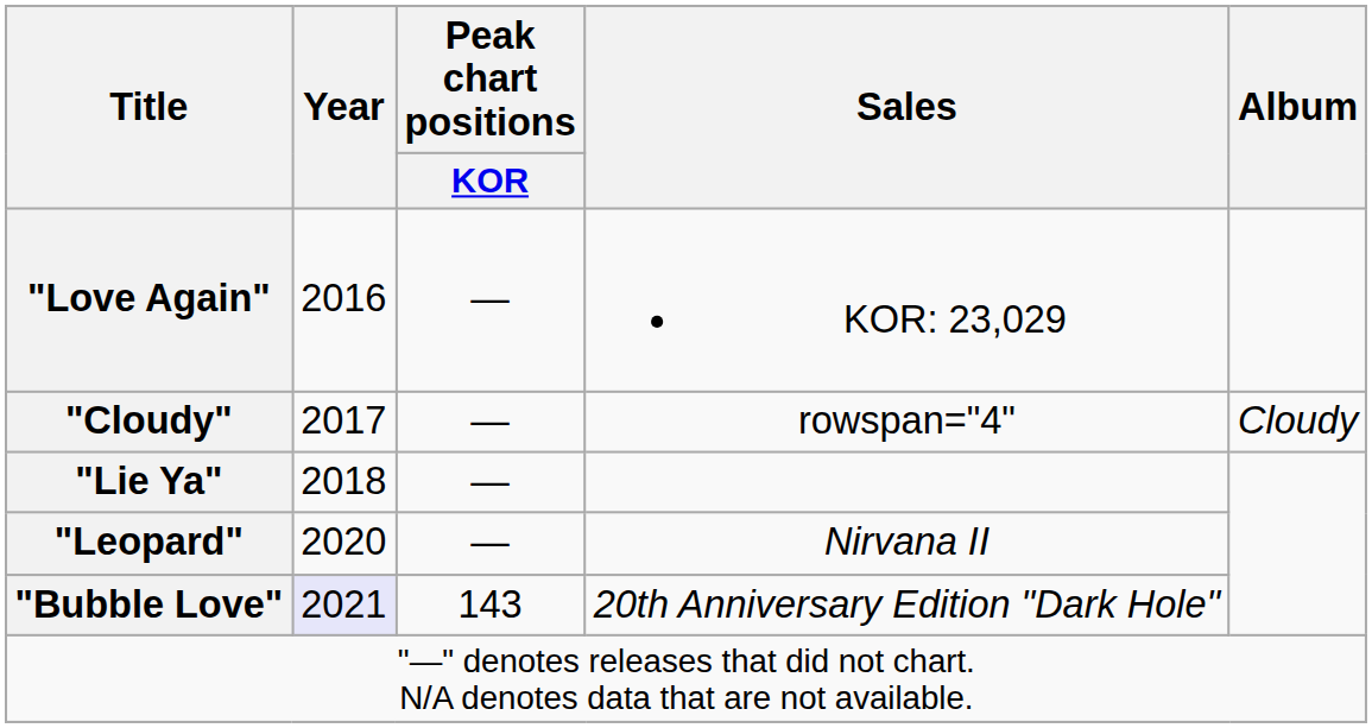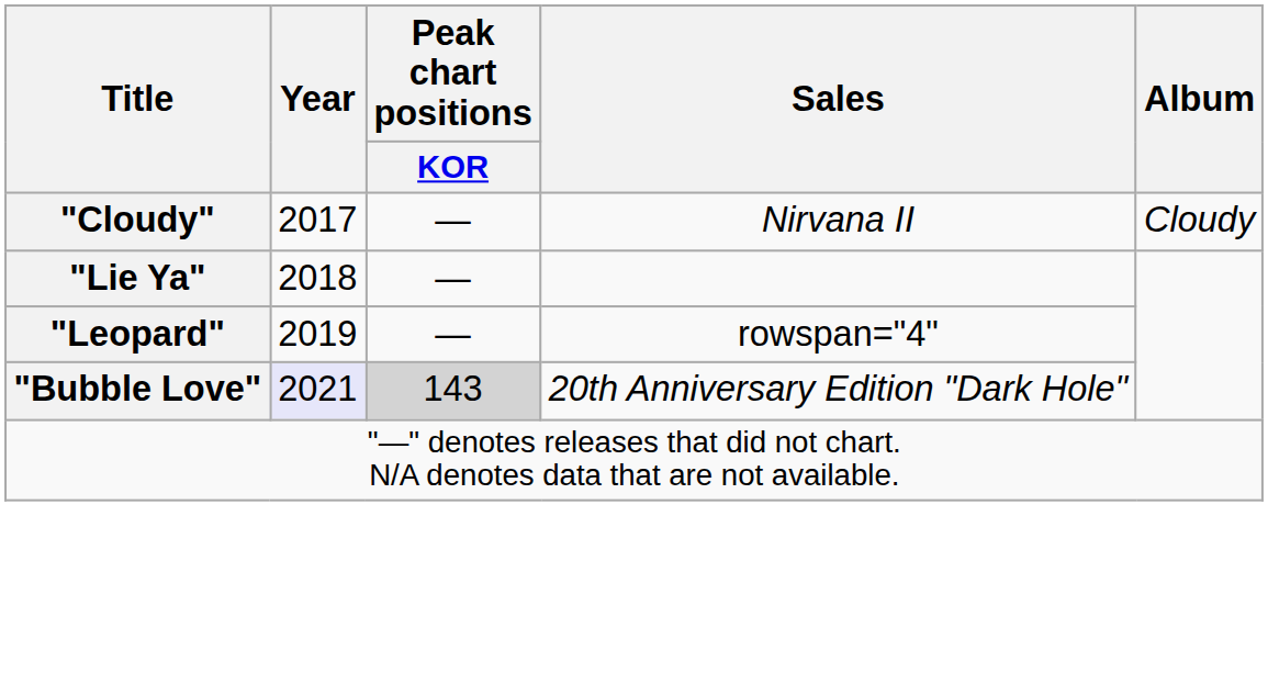 <table class="wikitable plainrowheaders" style="text-align:center">
 <tr>
 <th scope="col" rowspan="2">Title</th>
 <th scope="col" rowspan="2">Year</th>
 <th scope="col">Peak chart<br>positions</th>
 <th scope="col" rowspan="2">Sales</th>
 <th scope="col" rowspan="2">Album</th>
 </tr>
 <tr>
 <th scope="col" style="font-size:90%; width:2.5em"><a href='#'>KOR</a><br></th>
 </tr>
 <tr>
-<th scope="row">"Love Again" <br></th>
-<td>2016</td>
-<td>—</td>
-<td><br><ul><li>KOR: 23,029</li></ul></td>
-<td></td>
-</tr>
-<tr>
 <th scope="row">"Cloudy" <br></th>
 <td>2017</td>
 <td>—</td>
-<td>rowspan="4" </td>
+<td><em>Nirvana II</em></td>
 <td><em>Cloudy</em></td>
 </tr>
 <tr>
 <th scope="row">"Lie Ya" <br></th>
 <td>2018</td>
 <td>—</td>
 <td></td>
 </tr>
 <tr>
 <th scope="row">"Leopard" <br></th>
-<td>2020</td>
+<td>2019</td>
 <td>—</td>
-<td><em>Nirvana II</em></td>
+<td>rowspan="4" </td>
 </tr>
 <tr>
 <th scope="row">"Bubble Love" <br></th>
 <td style="background: lavender;">2021</td>
-<td>143</td>
+<td style="background: lightgrey;">143</td>
 <td><em>20th Anniversary Edition "Dark Hole"</em></td>
 </tr>
 <tr>
 <td colspan="5" style="font-size:85%">"—" denotes releases that did not chart.<br>N/A denotes data that are not available.</td>
 </tr>
 </table>
